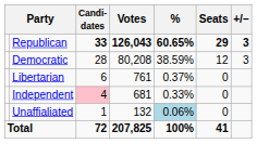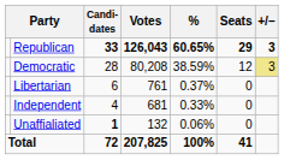 <table class="wikitable" style="font-size:100%; text-align:right;">
 <tr>
 <th colspan=2>Party</th>
 <th><small>Candi-<br>dates</small></th>
 <th>Votes</th>
 <th>%</th>
 <th>Seats</th>
 <th>+/–</th>
 </tr>
 <tr>
 <td style="background:"></td>
 <td align=left><a href='#'>Republican</a></td>
 <td><strong>33</strong></td>
 <td><strong>126,043</strong></td>
 <td><strong>60.65%</strong></td>
 <td><strong>29</strong></td>
 <td><strong>3</strong></td>
 </tr>
 <tr>
 <td style="background:"></td>
 <td align=left><a href='#'>Democratic</a></td>
 <td>28</td>
 <td>80,208</td>
 <td>38.59%</td>
 <td>12</td>
-<td>3</td>
+<td style="background: khaki;">3</td>
 </tr>
 <tr>
 <td style="background:"></td>
 <td align=left><a href='#'>Libertarian</a></td>
 <td>6</td>
 <td>761</td>
 <td>0.37%</td>
 <td>0</td>
 <td></td>
 </tr>
 <tr>
 <td style="background:"></td>
 <td align=left><a href='#'>Independent</a></td>
-<td style="background: pink;">4</td>
+<td>4</td>
 <td>681</td>
 <td>0.33%</td>
 <td>0</td>
 <td></td>
 </tr>
 <tr>
 <td style="background:"></td>
 <td align=left><a href='#'>Unaffialiated</a></td>
-<td>1</td>
+<td><strong>1</strong></td>
 <td>132</td>
-<td style="background: lightblue;">0.06%</td>
+<td>0.06%</td>
 <td>0</td>
 <td></td>
 </tr>
 <tr style="font-weight:bold">
 <td colspan=2 align=left>Total</td>
 <td>72</td>
 <td>207,825</td>
 <td>100%</td>
 <td>41</td>
 <td></td>
 </tr>
 </table>
